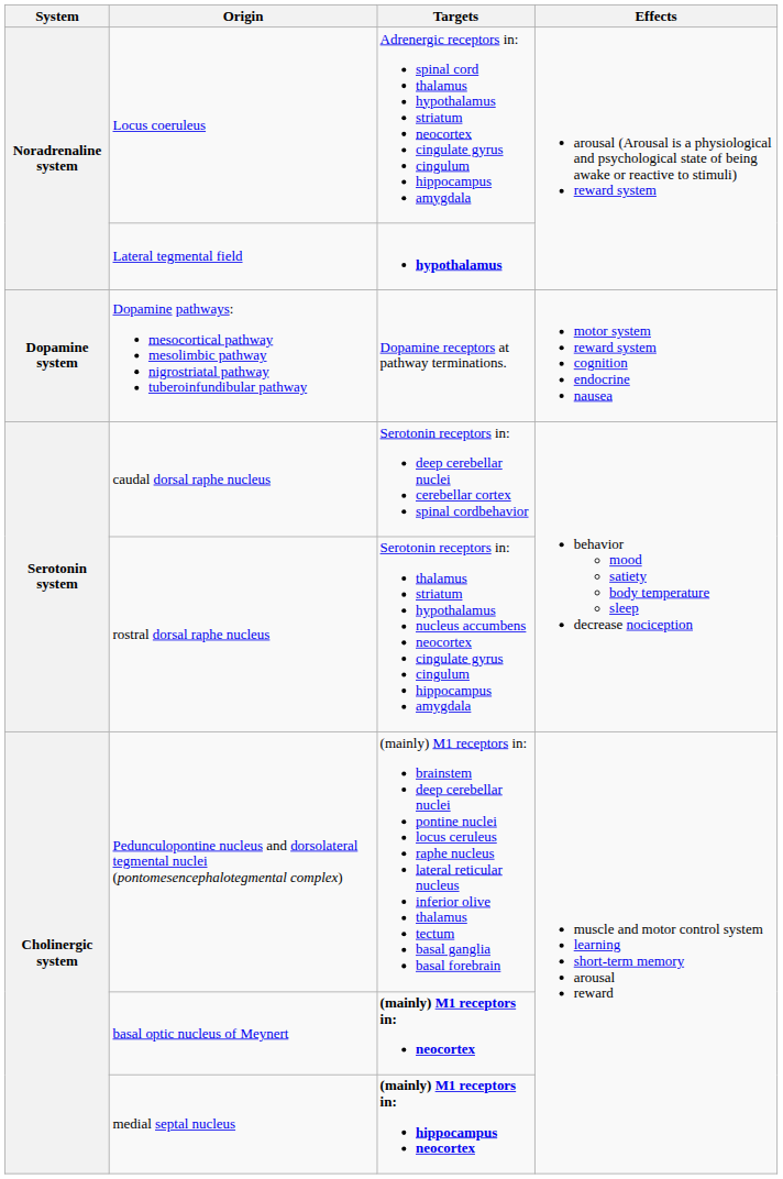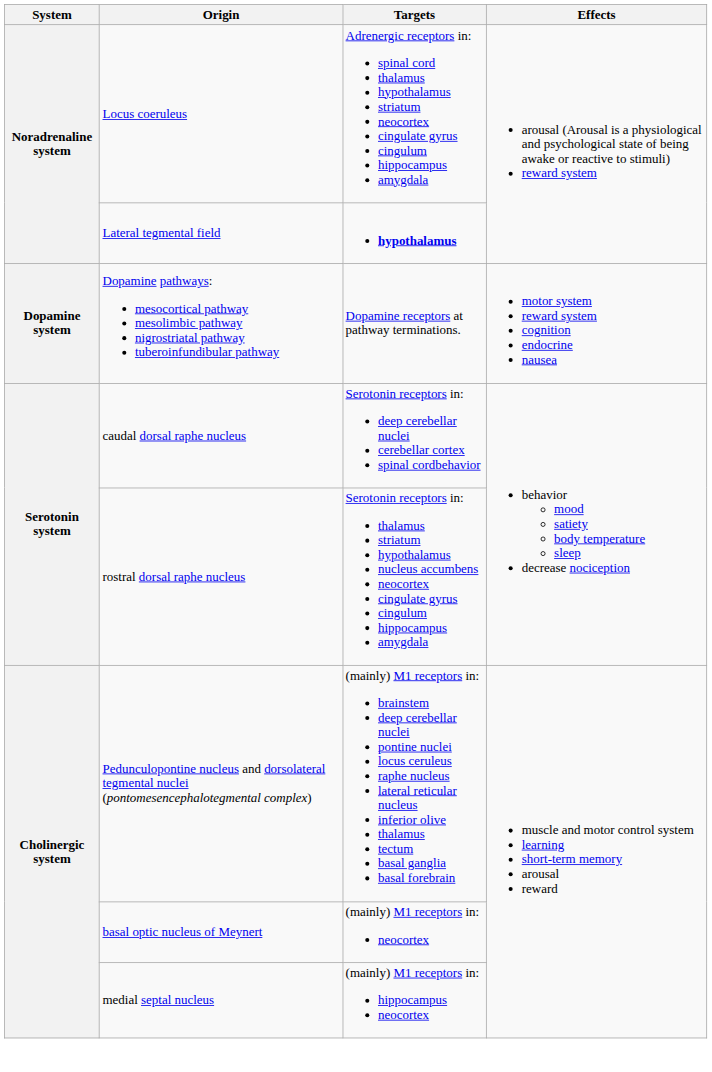 <table class="wikitable">
 <tr>
 <th>System</th>
 <th>Origin</th>
 <th>Targets</th>
 <th>Effects</th>
 </tr>
 <tr>
 <th rowspan="2">Noradrenaline system</th>
 <td><a href='#'>Locus coeruleus</a></td>
 <td><a href='#'>Adrenergic receptors</a> in:<br><ul><li><a href='#'>spinal cord</a></li><li><a href='#'>thalamus</a></li><li><a href='#'>hypothalamus</a></li><li><a href='#'>striatum</a></li><li><a href='#'>neocortex</a></li><li><a href='#'>cingulate gyrus</a></li><li><a href='#'>cingulum</a></li><li><a href='#'>hippocampus</a></li><li><a href='#'>amygdala</a></li></ul></td>
 <td rowspan="2"><br><ul><li>arousal (Arousal is a physiological and psychological state of being awake or reactive to stimuli)</li><li><a href='#'>reward system</a></li></ul></td>
 </tr>
 <tr>
 <td><a href='#'>Lateral tegmental field</a></td>
 <td><strong><br><ul><li><a href='#'>hypothalamus</a></li></ul></strong></td>
 </tr>
 <tr>
 <th>Dopamine system</th>
 <td><a href='#'>Dopamine</a> <a href='#'>pathways</a>:<br><ul><li><a href='#'>mesocortical pathway</a></li><li><a href='#'>mesolimbic pathway</a></li><li><a href='#'>nigrostriatal pathway</a></li><li><a href='#'>tuberoinfundibular pathway</a></li></ul></td>
 <td><a href='#'>Dopamine receptors</a> at pathway terminations.</td>
 <td><br><ul><li><a href='#'>motor system</a></li><li><a href='#'>reward system</a></li><li><a href='#'>cognition</a></li><li><a href='#'>endocrine</a></li><li><a href='#'>nausea</a></li></ul></td>
 </tr>
 <tr>
 <th rowspan="2">Serotonin system</th>
 <td>caudal <a href='#'>dorsal raphe nucleus</a></td>
 <td><a href='#'>Serotonin receptors</a> in:<br><ul><li><a href='#'>deep cerebellar nuclei</a></li><li><a href='#'>cerebellar cortex</a></li><li><a href='#'>spinal cordbehavior</a></li></ul></td>
 <td rowspan="2"><br><ul><li>behavior<ul><li><a href='#'>mood</a></li><li><a href='#'>satiety</a></li><li><a href='#'>body temperature</a></li><li><a href='#'>sleep</a></li></ul></li><li>decrease <a href='#'>nociception</a></li></ul></td>
 </tr>
 <tr>
 <td>rostral <a href='#'>dorsal raphe nucleus</a></td>
 <td><a href='#'>Serotonin receptors</a> in:<br><ul><li><a href='#'>thalamus</a></li><li><a href='#'>striatum</a></li><li><a href='#'>hypothalamus</a></li><li><a href='#'>nucleus accumbens</a></li><li><a href='#'>neocortex</a></li><li><a href='#'>cingulate gyrus</a></li><li><a href='#'>cingulum</a></li><li><a href='#'>hippocampus</a></li><li><a href='#'>amygdala</a></li></ul></td>
 </tr>
 <tr>
 <th rowspan="3">Cholinergic system</th>
 <td><a href='#'>Pedunculopontine nucleus</a> and <a href='#'>dorsolateral tegmental nuclei</a> (<em>pontomesencephalotegmental complex</em>)</td>
 <td>(mainly) <a href='#'>M1 receptors</a> in:<br><ul><li><a href='#'>brainstem</a></li><li><a href='#'>deep cerebellar nuclei</a></li><li><a href='#'>pontine nuclei</a></li><li><a href='#'>locus ceruleus</a></li><li><a href='#'>raphe nucleus</a></li><li><a href='#'>lateral reticular nucleus</a></li><li><a href='#'>inferior olive</a></li><li><a href='#'>thalamus</a></li><li><a href='#'>tectum</a></li><li><a href='#'>basal ganglia</a></li><li><a href='#'>basal forebrain</a></li></ul></td>
 <td rowspan="3"><br><ul><li>muscle and motor control system</li><li><a href='#'>learning</a></li><li><a href='#'>short-term memory</a></li><li>arousal</li><li>reward</li></ul></td>
 </tr>
 <tr>
 <td><a href='#'>basal optic nucleus of Meynert</a></td>
-<td><strong>(mainly) <a href='#'>M1 receptors</a> in:<br><ul><li><a href='#'>neocortex</a></li></ul></strong></td>
+<td>(mainly) <a href='#'>M1 receptors</a> in:<br><ul><li><a href='#'>neocortex</a></li></ul></td>
 </tr>
 <tr>
 <td>medial <a href='#'>septal nucleus</a></td>
-<td><strong>(mainly) <a href='#'>M1 receptors</a> in:<br><ul><li><a href='#'>hippocampus</a></li><li><a href='#'>neocortex</a></li></ul></strong></td>
+<td>(mainly) <a href='#'>M1 receptors</a> in:<br><ul><li><a href='#'>hippocampus</a></li><li><a href='#'>neocortex</a></li></ul></td>
 </tr>
 </table>
